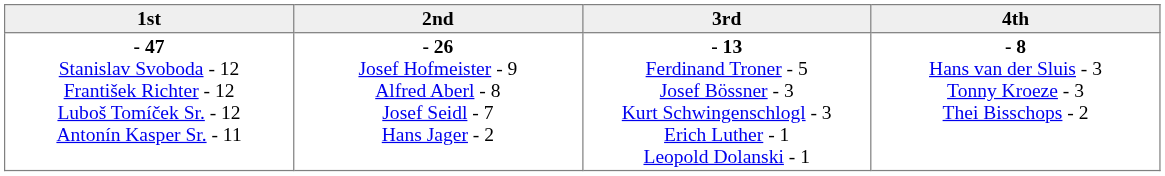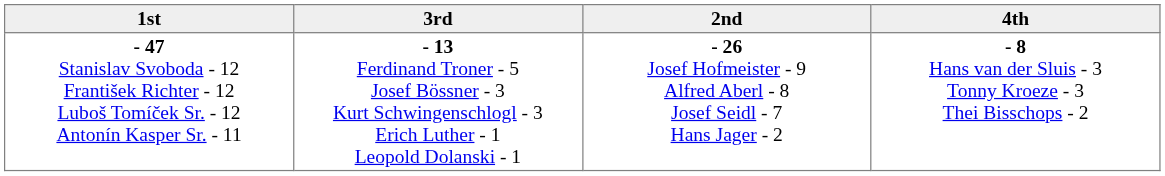 <table border=1 cellpadding=2 cellspacing=0 width=75% style="border-collapse:collapse">
 <tr align=center style="background:#efefef;">
 <th width=20% >1st</th>
+<th width=20% >3rd</th>
 <th width=20% >2nd</th>
-<th width=20% >3rd</th>
 <th width=20%>4th</th>
 </tr>
 <tr align=center>
 <td valign=top ><strong> - 47</strong><br><a href='#'>Stanislav Svoboda</a> - 12<br><a href='#'>František Richter</a> - 12<br><a href='#'>Luboš Tomíček Sr.</a> - 12<br><a href='#'>Antonín Kasper Sr.</a> - 11</td>
+<td valign=top ><strong> - 13</strong><br><a href='#'>Ferdinand Troner</a> - 5<br><a href='#'>Josef Bössner</a> - 3<br><a href='#'>Kurt Schwingenschlogl</a> - 3<br><a href='#'>Erich Luther</a> - 1<br><a href='#'>Leopold Dolanski</a> - 1</td>
 <td valign=top ><strong> - 26</strong><br><a href='#'>Josef Hofmeister</a> - 9<br><a href='#'>Alfred Aberl</a> - 8<br><a href='#'>Josef Seidl</a> - 7<br><a href='#'>Hans Jager</a> - 2</td>
-<td valign=top ><strong> - 13</strong><br><a href='#'>Ferdinand Troner</a> - 5<br><a href='#'>Josef Bössner</a> - 3<br><a href='#'>Kurt Schwingenschlogl</a> - 3<br><a href='#'>Erich Luther</a> - 1<br><a href='#'>Leopold Dolanski</a> - 1</td>
 <td valign=top><strong> - 8</strong><br><a href='#'>Hans van der Sluis</a> - 3<br><a href='#'>Tonny Kroeze</a> - 3<br><a href='#'>Thei Bisschops</a> - 2</td>
 </tr>
 </table>
